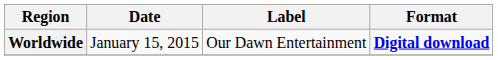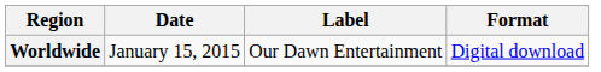 <table class="wikitable sortable plainrowheaders">
 <tr>
 <th>Region</th>
 <th>Date</th>
 <th>Label</th>
 <th>Format</th>
 </tr>
 <tr>
 <th scope="row">Worldwide</th>
 <td rowspan="1">January 15, 2015</td>
 <td rowspan="1">Our Dawn Entertainment</td>
-<td rowspan="1"><strong><a href='#'>Digital download</a></strong></td>
+<td rowspan="1"><a href='#'>Digital download</a></td>
 </tr>
 <tr>
 </tr>
 </table>
